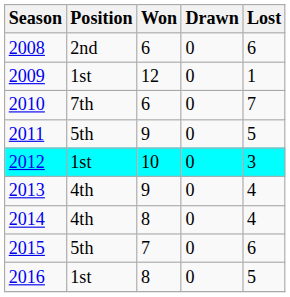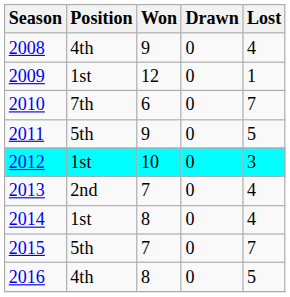 <table class="wikitable collapsible">
 <tr>
 <th>Season</th>
 <th>Position</th>
 <th>Won</th>
 <th>Drawn</th>
 <th>Lost</th>
 </tr>
 <tr>
 <td><a href='#'>2008</a></td>
-<td>2nd</td>
-<td>6</td>
+<td>4th</td>
+<td>9</td>
 <td>0</td>
-<td>6</td>
+<td>4</td>
 </tr>
 <tr style="background-color:#">
 <td><a href='#'>2009</a></td>
 <td>1st</td>
 <td>12</td>
 <td>0</td>
 <td>1</td>
 </tr>
 <tr>
 <td><a href='#'>2010</a></td>
 <td>7th</td>
 <td>6</td>
 <td>0</td>
 <td>7</td>
 </tr>
 <tr>
 <td><a href='#'>2011</a></td>
 <td>5th</td>
 <td>9</td>
 <td>0</td>
 <td>5</td>
 </tr>
 <tr style="background-color:#00FFFF">
 <td><a href='#'>2012</a></td>
 <td>1st</td>
 <td>10</td>
 <td>0</td>
 <td>3</td>
 </tr>
 <tr>
 <td><a href='#'>2013</a></td>
-<td>4th</td>
-<td>9</td>
+<td>2nd</td>
+<td>7</td>
 <td>0</td>
 <td>4</td>
 </tr>
 <tr style="background-color:#">
 <td><a href='#'>2014</a></td>
-<td>4th</td>
+<td>1st</td>
 <td>8</td>
 <td>0</td>
 <td>4</td>
 </tr>
 <tr>
 <td><a href='#'>2015</a></td>
 <td>5th</td>
 <td>7</td>
 <td>0</td>
-<td>6</td>
+<td>7</td>
 </tr>
 <tr>
 <td><a href='#'>2016</a></td>
-<td>1st</td>
+<td>4th</td>
 <td>8</td>
 <td>0</td>
 <td>5</td>
 </tr>
 <tr>
 </tr>
 </table>
